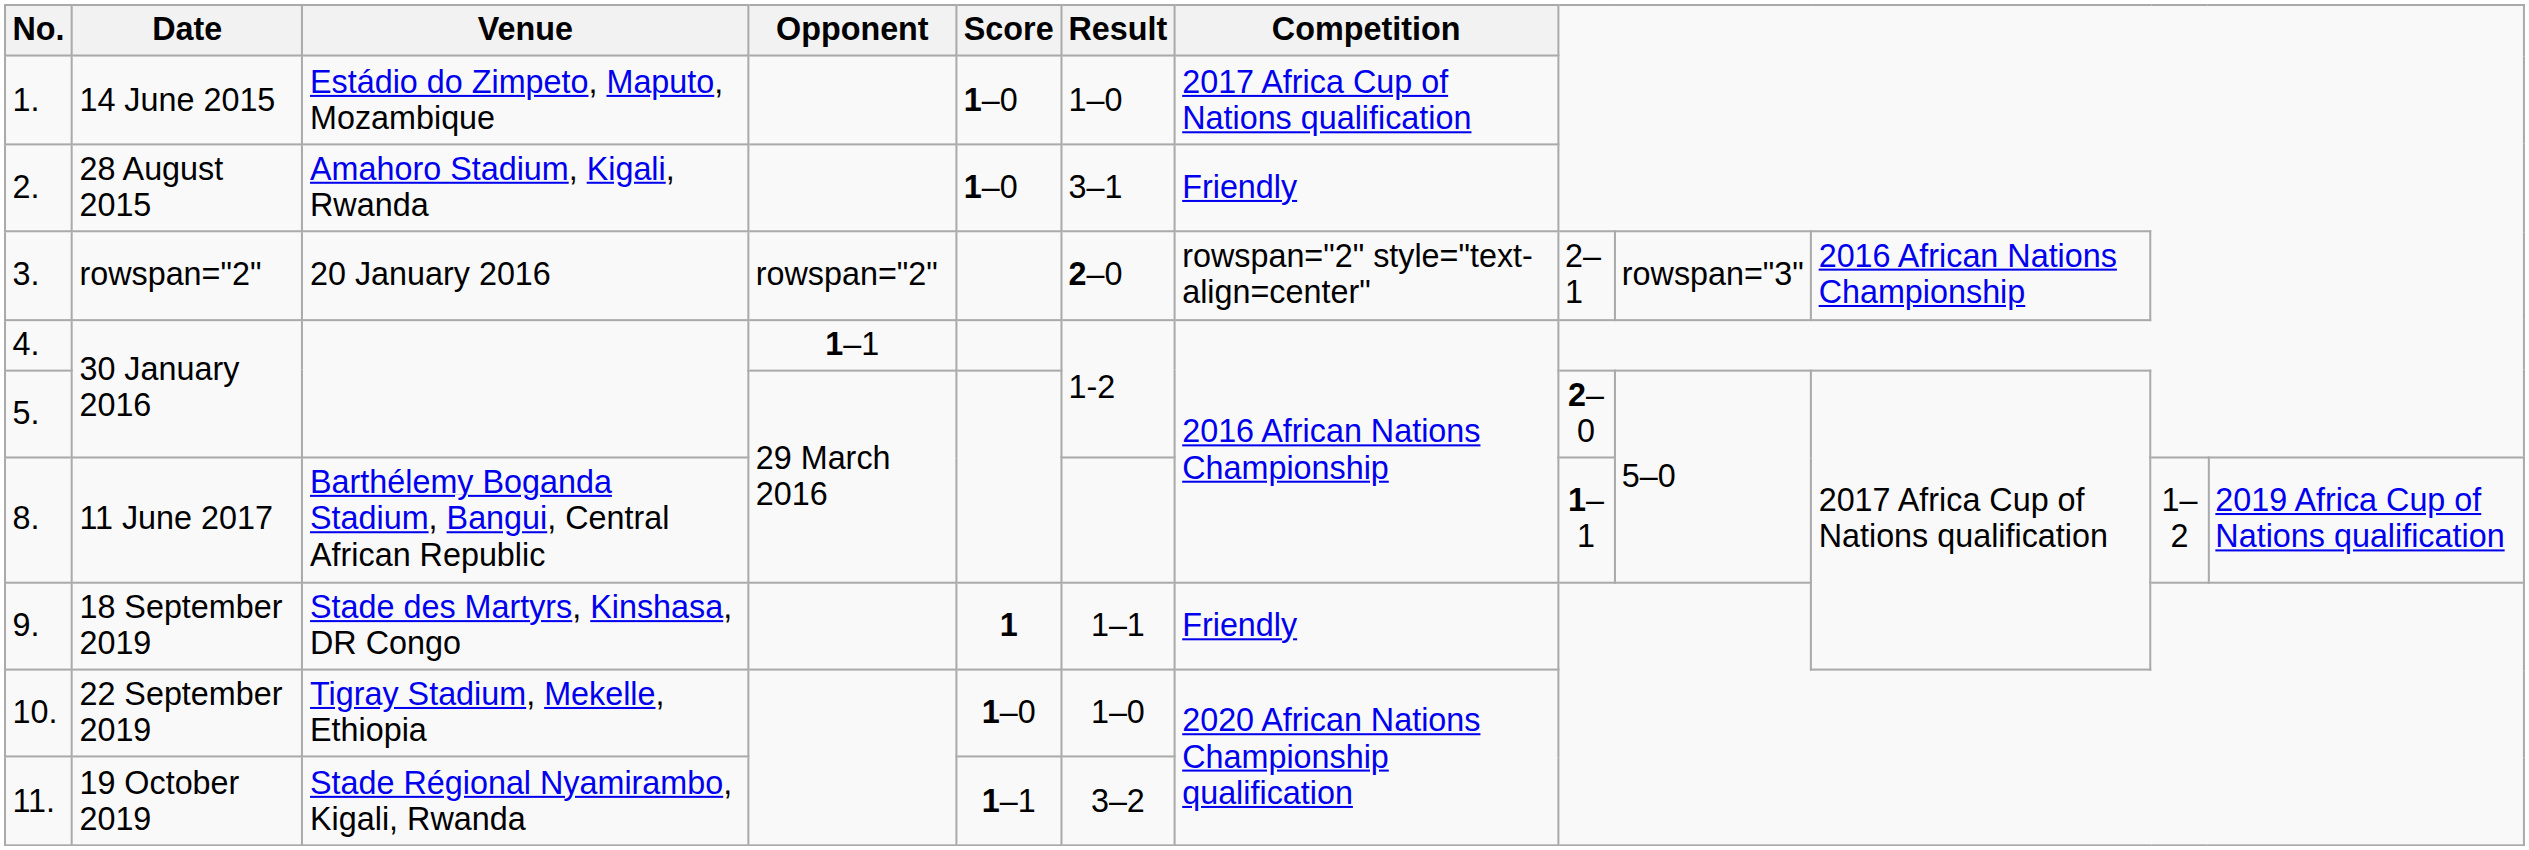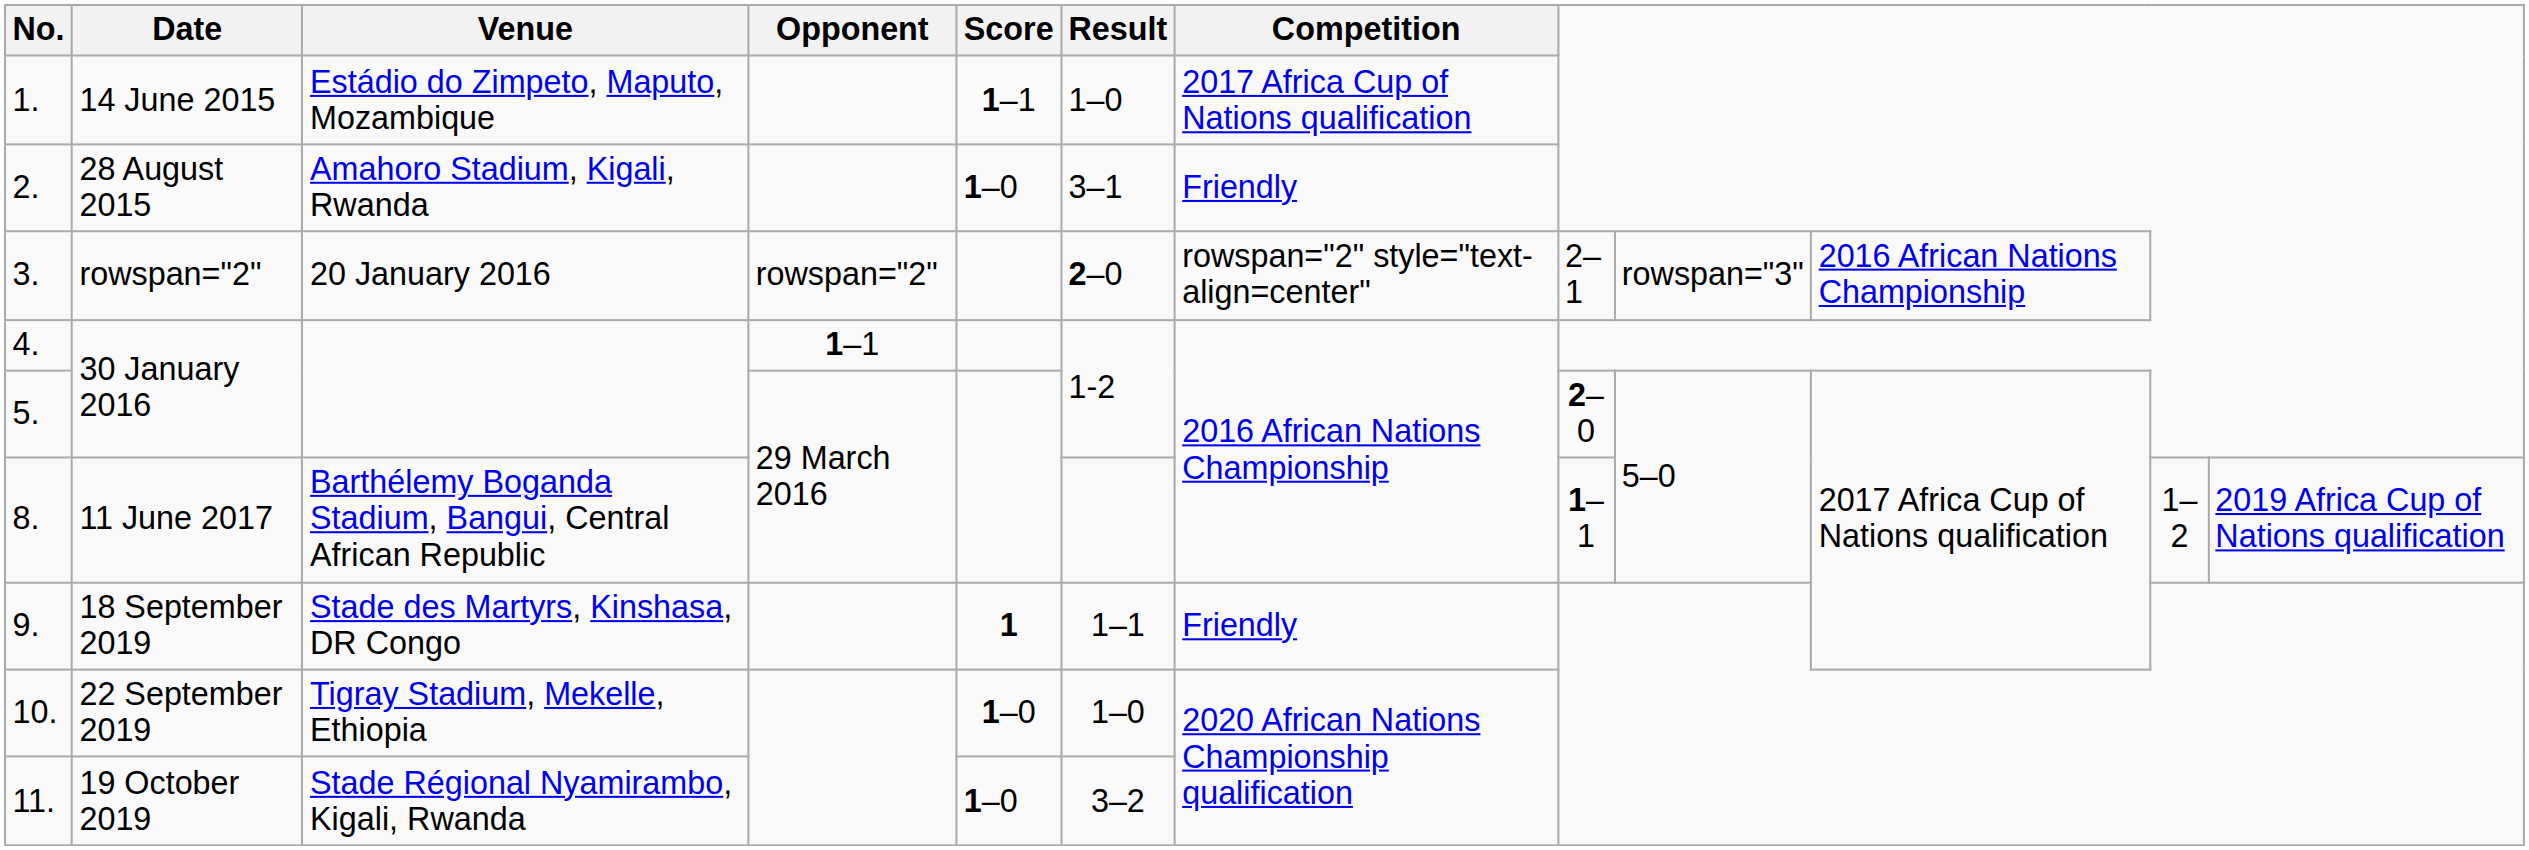 <table class="wikitable plainrowheaders sortable">
 <tr>
 <th>No.</th>
 <th>Date</th>
 <th>Venue</th>
 <th>Opponent</th>
 <th>Score</th>
 <th>Result</th>
 <th>Competition</th>
 </tr>
 <tr>
 <td>1.</td>
 <td>14 June 2015</td>
 <td><a href='#'>Estádio do Zimpeto</a>, <a href='#'>Maputo</a>, Mozambique</td>
 <td></td>
-<td><strong>1</strong>–0</td>
+<td align=center><strong>1</strong>–1</td>
 <td>1–0</td>
 <td><a href='#'>2017 Africa Cup of Nations qualification</a></td>
 </tr>
 <tr>
 <td>2.</td>
 <td>28 August 2015</td>
 <td><a href='#'>Amahoro Stadium</a>, <a href='#'>Kigali</a>, Rwanda</td>
 <td></td>
 <td><strong>1</strong>–0</td>
 <td>3–1</td>
 <td><a href='#'>Friendly</a></td>
 </tr>
 <tr>
 <td>3.</td>
 <td>rowspan="2"</td>
 <td>20 January 2016</td>
 <td>rowspan="2"</td>
 <td></td>
 <td><strong>2</strong>–0</td>
 <td>rowspan="2" style="text-align=center"</td>
 <td>2–1</td>
 <td>rowspan="3"</td>
 <td><a href='#'>2016 African Nations Championship</a></td>
 </tr>
 <tr>
 <td>4.</td>
 <td rowspan="2">30 January 2016</td>
 <td rowspan="2"></td>
 <td align=center><strong>1</strong>–1</td>
 <td></td>
 <td rowspan="2" style="text-align=center">1-2</td>
 <td rowspan="3"><a href='#'>2016 African Nations Championship</a></td>
 </tr>
 <tr>
 <td>5.</td>
 <td rowspan="2">29 March 2016</td>
 <td rowspan="2"></td>
 <td align=center><strong>2</strong>–0</td>
 <td rowspan="2" style="text-align=center">5–0</td>
 <td rowspan="3">2017 Africa Cup of Nations qualification</td>
 </tr>
 <tr>
 <td>8.</td>
 <td>11 June 2017</td>
 <td><a href='#'>Barthélemy Boganda Stadium</a>, <a href='#'>Bangui</a>, Central African Republic</td>
 <td></td>
 <td align=center><strong>1</strong>–1</td>
 <td align=center>1–2</td>
 <td><a href='#'>2019 Africa Cup of Nations qualification</a></td>
 </tr>
 <tr>
 <td>9.</td>
 <td>18 September 2019</td>
 <td><a href='#'>Stade des Martyrs</a>, <a href='#'>Kinshasa</a>, DR Congo</td>
 <td></td>
 <td align=center><strong>1</strong></td>
 <td align=center>1–1</td>
 <td><a href='#'>Friendly</a></td>
 </tr>
 <tr>
 <td>10.</td>
 <td>22 September 2019</td>
 <td><a href='#'>Tigray Stadium</a>, <a href='#'>Mekelle</a>, Ethiopia</td>
 <td rowspan=2></td>
 <td align=center><strong>1</strong>–0</td>
 <td align=center>1–0</td>
 <td rowspan=2><a href='#'>2020 African Nations Championship qualification</a></td>
 </tr>
 <tr>
 <td>11.</td>
 <td>19 October 2019</td>
 <td><a href='#'>Stade Régional Nyamirambo</a>, Kigali, Rwanda</td>
-<td align=center><strong>1</strong>–1</td>
+<td><strong>1</strong>–0</td>
 <td align=center>3–2</td>
 </tr>
 </table>
